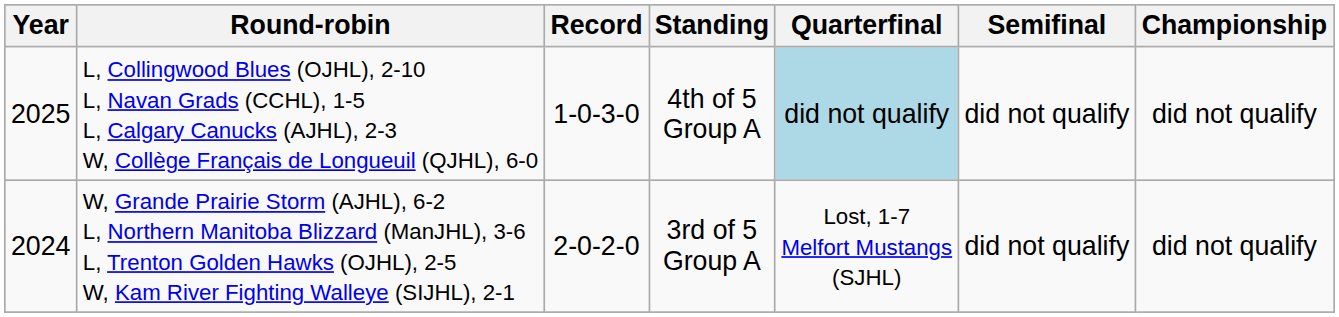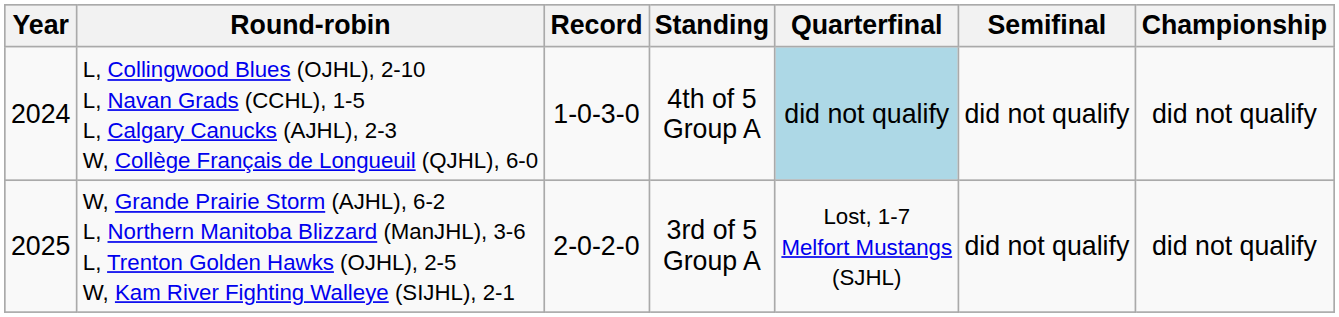 <table class="wikitable" style="text-align:center;">
 <tr>
 <th>Year</th>
 <th>Round-robin</th>
 <th>Record</th>
 <th>Standing</th>
 <th>Quarterfinal</th>
 <th>Semifinal</th>
 <th>Championship</th>
 </tr>
 <tr>
-<td>2025</td>
+<td>2024</td>
 <td align=left><small>L, <a href='#'>Collingwood Blues</a> (OJHL), 2-10<br>L, <a href='#'>Navan Grads</a> (CCHL), 1-5<br>L, <a href='#'>Calgary Canucks</a> (AJHL), 2-3<br>W, <a href='#'>Collège Français de Longueuil</a> (QJHL), 6-0</small></td>
 <td>1-0-3-0</td>
 <td>4th of 5 <br>Group A</td>
 <td style="background: lightblue;">did not qualify</td>
 <td>did not qualify</td>
 <td>did not qualify</td>
 </tr>
 <tr>
-<td>2024</td>
+<td>2025</td>
 <td align=left><small>W, <a href='#'>Grande Prairie Storm</a> (AJHL), 6-2<br>L, <a href='#'>Northern Manitoba Blizzard</a> (ManJHL), 3-6<br>L, <a href='#'>Trenton Golden Hawks</a> (OJHL), 2-5<br>W, <a href='#'>Kam River Fighting Walleye</a> (SIJHL), 2-1</small></td>
 <td>2-0-2-0</td>
 <td>3rd of 5 <br>Group A</td>
 <td><small>Lost,  1-7<br><a href='#'>Melfort Mustangs </a><br> (SJHL)</small></td>
 <td>did not qualify</td>
 <td>did not qualify</td>
 </tr>
 </table>
